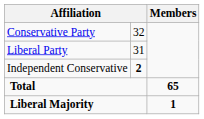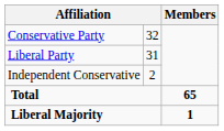 <table class="wikitable">
 <tr>
 <th colspan="2">Affiliation</th>
 <th>Members</th>
 </tr>
 <tr>
 <td><a href='#'>Conservative Party</a></td>
 <td align=center>32</td>
 </tr>
 <tr>
 <td><a href='#'>Liberal Party</a></td>
 <td align=center>31</td>
 </tr>
 <tr>
 <td>Independent Conservative</td>
-<td align=center><strong>2</strong></td>
+<td align=center>2</td>
 </tr>
 <tr>
 <td colspan="2" rowspan="1" align=left> <strong>Total</strong><br></td>
 <td align=center><strong>65</strong></td>
 </tr>
 <tr>
 <td colspan="2" rowspan="1" align=left> <strong>Liberal Majority</strong><br></td>
 <td align=center><strong>1</strong></td>
 </tr>
 </table>
